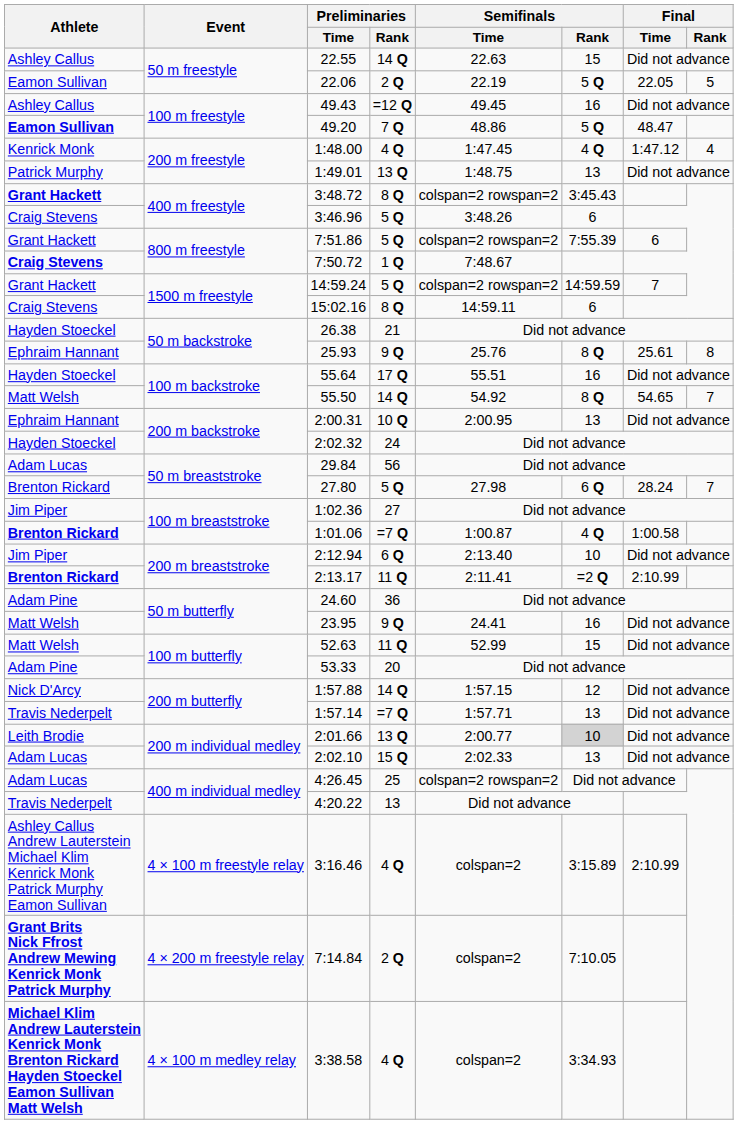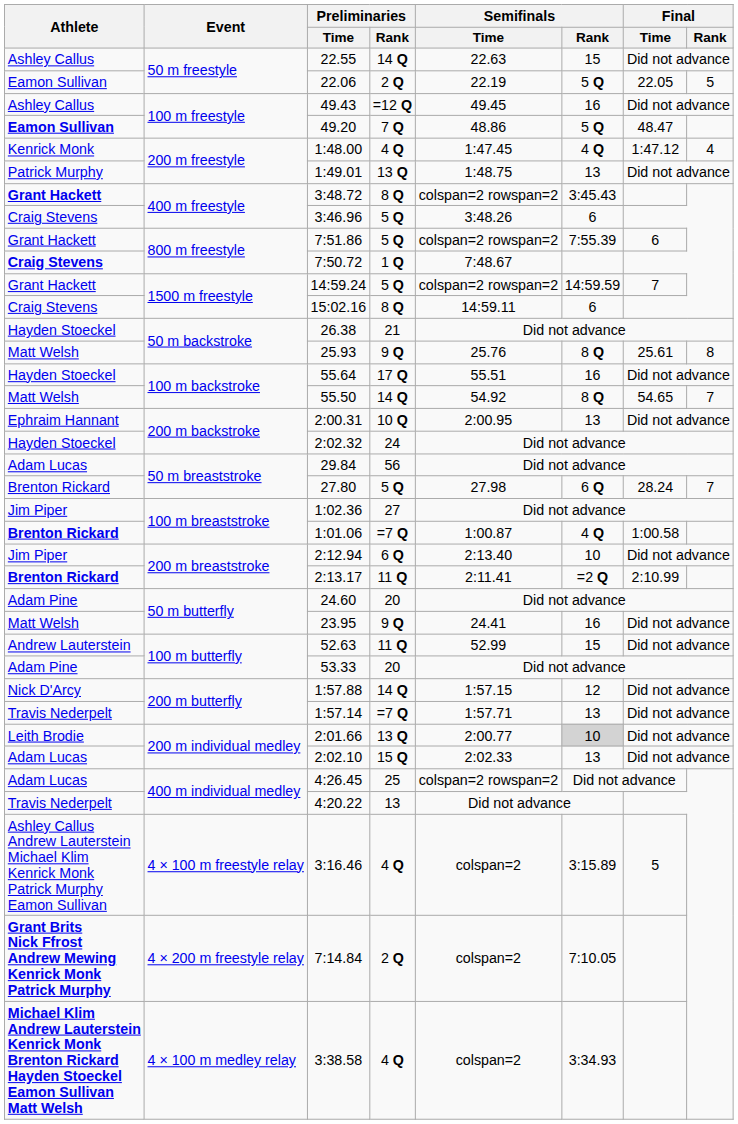 <table class="wikitable" style="text-align:center; font-size:90%">
 <tr>
 <th rowspan=2>Athlete</th>
 <th rowspan=2>Event</th>
 <th colspan=2>Preliminaries</th>
 <th colspan=2>Semifinals</th>
 <th colspan=2>Final</th>
 </tr>
 <tr style="font-size:95%">
 <th>Time</th>
 <th>Rank</th>
 <th>Time</th>
 <th>Rank</th>
 <th>Time</th>
 <th>Rank</th>
 </tr>
 <tr>
 <td align=left><a href='#'>Ashley Callus</a></td>
 <td align=left rowspan=2><a href='#'>50 m freestyle</a></td>
 <td>22.55</td>
 <td>14 <strong>Q</strong></td>
 <td>22.63</td>
 <td>15</td>
 <td colspan=2>Did not advance</td>
 </tr>
 <tr>
 <td align=left><a href='#'>Eamon Sullivan</a></td>
 <td>22.06</td>
 <td>2 <strong>Q</strong></td>
 <td>22.19</td>
 <td>5 <strong>Q</strong></td>
 <td>22.05</td>
 <td>5</td>
 </tr>
 <tr>
 <td align=left><a href='#'>Ashley Callus</a></td>
 <td align=left rowspan=2><a href='#'>100 m freestyle</a></td>
 <td>49.43</td>
 <td>=12 <strong>Q</strong></td>
 <td>49.45</td>
 <td>16</td>
 <td colspan=2>Did not advance</td>
 </tr>
 <tr>
 <td align=left><strong><a href='#'>Eamon Sullivan</a></strong></td>
 <td>49.20</td>
 <td>7 <strong>Q</strong></td>
 <td>48.86</td>
 <td>5 <strong>Q</strong></td>
 <td>48.47</td>
 <td></td>
 </tr>
 <tr>
 <td align=left><a href='#'>Kenrick Monk</a></td>
 <td align=left rowspan=2><a href='#'>200 m freestyle</a></td>
 <td>1:48.00</td>
 <td>4 <strong>Q</strong></td>
 <td>1:47.45</td>
 <td>4 <strong>Q</strong></td>
 <td>1:47.12</td>
 <td>4</td>
 </tr>
 <tr>
 <td align=left><a href='#'>Patrick Murphy</a></td>
 <td>1:49.01</td>
 <td>13 <strong>Q</strong></td>
 <td>1:48.75</td>
 <td>13</td>
 <td colspan=2>Did not advance</td>
 </tr>
 <tr>
 <td align=left><strong><a href='#'>Grant Hackett</a></strong></td>
 <td align=left rowspan=2><a href='#'>400 m freestyle</a></td>
 <td>3:48.72</td>
 <td>8 <strong>Q</strong></td>
 <td>colspan=2 rowspan=2 </td>
 <td>3:45.43</td>
 <td></td>
 </tr>
 <tr>
 <td align=left><a href='#'>Craig Stevens</a></td>
 <td>3:46.96</td>
 <td>5 <strong>Q</strong></td>
 <td>3:48.26</td>
 <td>6</td>
 </tr>
 <tr>
 <td align=left><a href='#'>Grant Hackett</a></td>
 <td align=left rowspan=2><a href='#'>800 m freestyle</a></td>
 <td>7:51.86</td>
 <td>5 <strong>Q</strong></td>
 <td>colspan=2 rowspan=2 </td>
 <td>7:55.39</td>
 <td>6</td>
 </tr>
 <tr>
 <td align=left><strong><a href='#'>Craig Stevens</a></strong></td>
 <td>7:50.72</td>
 <td>1 <strong>Q</strong></td>
 <td>7:48.67</td>
 <td></td>
 </tr>
 <tr>
 <td align=left><a href='#'>Grant Hackett</a></td>
 <td align=left rowspan=2><a href='#'>1500 m freestyle</a></td>
 <td>14:59.24</td>
 <td>5 <strong>Q</strong></td>
 <td>colspan=2 rowspan=2 </td>
 <td>14:59.59</td>
 <td>7</td>
 </tr>
 <tr>
 <td align=left><a href='#'>Craig Stevens</a></td>
 <td>15:02.16</td>
 <td>8 <strong>Q</strong></td>
 <td>14:59.11</td>
 <td>6</td>
 </tr>
 <tr>
 <td align=left><a href='#'>Hayden Stoeckel</a></td>
 <td align=left rowspan=2><a href='#'>50 m backstroke</a></td>
 <td>26.38</td>
 <td>21</td>
 <td colspan=4>Did not advance</td>
 </tr>
 <tr>
-<td align=left><a href='#'>Ephraim Hannant</a></td>
+<td align=left><a href='#'>Matt Welsh</a></td>
 <td>25.93</td>
 <td>9 <strong>Q</strong></td>
 <td>25.76</td>
 <td>8 <strong>Q</strong></td>
 <td>25.61</td>
 <td>8</td>
 </tr>
 <tr>
 <td align=left><a href='#'>Hayden Stoeckel</a></td>
 <td align=left rowspan=2><a href='#'>100 m backstroke</a></td>
 <td>55.64</td>
 <td>17 <strong>Q</strong></td>
 <td>55.51</td>
 <td>16</td>
 <td colspan=2>Did not advance</td>
 </tr>
 <tr>
 <td align=left><a href='#'>Matt Welsh</a></td>
 <td>55.50</td>
 <td>14 <strong>Q</strong></td>
 <td>54.92</td>
 <td>8 <strong>Q</strong></td>
 <td>54.65</td>
 <td>7</td>
 </tr>
 <tr>
 <td align=left><a href='#'>Ephraim Hannant</a></td>
 <td align=left rowspan=2><a href='#'>200 m backstroke</a></td>
 <td>2:00.31</td>
 <td>10 <strong>Q</strong></td>
 <td>2:00.95</td>
 <td>13</td>
 <td colspan=2>Did not advance</td>
 </tr>
 <tr>
 <td align=left><a href='#'>Hayden Stoeckel</a></td>
 <td>2:02.32</td>
 <td>24</td>
 <td colspan=4>Did not advance</td>
 </tr>
 <tr>
 <td align=left><a href='#'>Adam Lucas</a></td>
 <td align=left rowspan=2><a href='#'>50 m breaststroke</a></td>
 <td>29.84</td>
 <td>56</td>
 <td colspan=4>Did not advance</td>
 </tr>
 <tr>
 <td align=left><a href='#'>Brenton Rickard</a></td>
 <td>27.80</td>
 <td>5 <strong>Q</strong></td>
 <td>27.98</td>
 <td>6 <strong>Q</strong></td>
 <td>28.24</td>
 <td>7</td>
 </tr>
 <tr>
 <td align=left><a href='#'>Jim Piper</a></td>
 <td align=left rowspan=2><a href='#'>100 m breaststroke</a></td>
 <td>1:02.36</td>
 <td>27</td>
 <td colspan=4>Did not advance</td>
 </tr>
 <tr>
 <td align=left><strong><a href='#'>Brenton Rickard</a></strong></td>
 <td>1:01.06</td>
 <td>=7 <strong>Q</strong></td>
 <td>1:00.87</td>
 <td>4 <strong>Q</strong></td>
 <td>1:00.58</td>
 <td></td>
 </tr>
 <tr>
 <td align=left><a href='#'>Jim Piper</a></td>
 <td align=left rowspan=2><a href='#'>200 m breaststroke</a></td>
 <td>2:12.94</td>
 <td>6 <strong>Q</strong></td>
 <td>2:13.40</td>
 <td>10</td>
 <td colspan=2>Did not advance</td>
 </tr>
 <tr>
 <td align=left><strong><a href='#'>Brenton Rickard</a></strong></td>
 <td>2:13.17</td>
 <td>11 <strong>Q</strong></td>
 <td>2:11.41</td>
 <td>=2 <strong>Q</strong></td>
 <td>2:10.99</td>
 <td></td>
 </tr>
 <tr>
 <td align=left><a href='#'>Adam Pine</a></td>
 <td align=left rowspan=2><a href='#'>50 m butterfly</a></td>
 <td>24.60</td>
-<td>36</td>
+<td>20</td>
 <td colspan=4>Did not advance</td>
 </tr>
 <tr>
 <td align=left><a href='#'>Matt Welsh</a></td>
 <td>23.95</td>
 <td>9 <strong>Q</strong></td>
 <td>24.41</td>
 <td>16</td>
 <td colspan=2>Did not advance</td>
 </tr>
 <tr>
-<td align=left><a href='#'>Matt Welsh</a></td>
+<td align=left><a href='#'>Andrew Lauterstein</a></td>
 <td align=left rowspan=2><a href='#'>100 m butterfly</a></td>
 <td>52.63</td>
 <td>11 <strong>Q</strong></td>
 <td>52.99</td>
 <td>15</td>
 <td colspan=2>Did not advance</td>
 </tr>
 <tr>
 <td align=left><a href='#'>Adam Pine</a></td>
 <td>53.33</td>
 <td>20</td>
 <td colspan=4>Did not advance</td>
 </tr>
 <tr>
 <td align=left><a href='#'>Nick D'Arcy</a></td>
 <td align=left rowspan=2><a href='#'>200 m butterfly</a></td>
 <td>1:57.88</td>
 <td>14 <strong>Q</strong></td>
 <td>1:57.15</td>
 <td>12</td>
 <td colspan=2>Did not advance</td>
 </tr>
 <tr>
 <td align=left><a href='#'>Travis Nederpelt</a></td>
 <td>1:57.14</td>
 <td>=7 <strong>Q</strong></td>
 <td>1:57.71</td>
 <td>13</td>
 <td colspan=2>Did not advance</td>
 </tr>
 <tr>
 <td align=left><a href='#'>Leith Brodie</a></td>
 <td align=left rowspan=2><a href='#'>200 m individual medley</a></td>
 <td>2:01.66</td>
 <td>13 <strong>Q</strong></td>
 <td>2:00.77</td>
 <td style="background: lightgrey;">10</td>
 <td colspan=2>Did not advance</td>
 </tr>
 <tr>
 <td align=left><a href='#'>Adam Lucas</a></td>
 <td>2:02.10</td>
 <td>15 <strong>Q</strong></td>
 <td>2:02.33</td>
 <td>13</td>
 <td colspan=2>Did not advance</td>
 </tr>
 <tr>
 <td align=left><a href='#'>Adam Lucas</a></td>
 <td align=left rowspan=2><a href='#'>400 m individual medley</a></td>
 <td>4:26.45</td>
 <td>25</td>
 <td>colspan=2 rowspan=2 </td>
 <td colspan=2>Did not advance</td>
 </tr>
 <tr>
 <td align=left><a href='#'>Travis Nederpelt</a></td>
 <td>4:20.22</td>
 <td>13</td>
 <td colspan=2>Did not advance</td>
 </tr>
 <tr>
 <td align=left><a href='#'>Ashley Callus</a><br><a href='#'>Andrew Lauterstein</a><br><a href='#'>Michael Klim</a><br><a href='#'>Kenrick Monk</a><br><a href='#'>Patrick Murphy</a><br><a href='#'>Eamon Sullivan</a></td>
 <td align=left><a href='#'>4 × 100 m freestyle relay</a></td>
 <td>3:16.46</td>
 <td>4 <strong>Q</strong></td>
 <td>colspan=2 </td>
 <td>3:15.89</td>
-<td>2:10.99</td>
+<td>5</td>
 </tr>
 <tr>
 <td align=left><strong><a href='#'>Grant Brits</a><br><a href='#'>Nick Ffrost</a><br><a href='#'>Andrew Mewing</a><br><a href='#'>Kenrick Monk</a><br><a href='#'>Patrick Murphy</a></strong></td>
 <td align=left><a href='#'>4 × 200 m freestyle relay</a></td>
 <td>7:14.84</td>
 <td>2 <strong>Q</strong></td>
 <td>colspan=2 </td>
 <td>7:10.05</td>
 <td></td>
 </tr>
 <tr>
 <td align=left><strong><a href='#'>Michael Klim</a><br><a href='#'>Andrew Lauterstein</a><br><a href='#'>Kenrick Monk</a><br><a href='#'>Brenton Rickard</a><br><a href='#'>Hayden Stoeckel</a><br><a href='#'>Eamon Sullivan</a><br><a href='#'>Matt Welsh</a></strong></td>
 <td align=left><a href='#'>4 × 100 m medley relay</a></td>
 <td>3:38.58</td>
 <td>4 <strong>Q</strong></td>
 <td>colspan=2 </td>
 <td>3:34.93</td>
 <td></td>
 </tr>
 </table>
